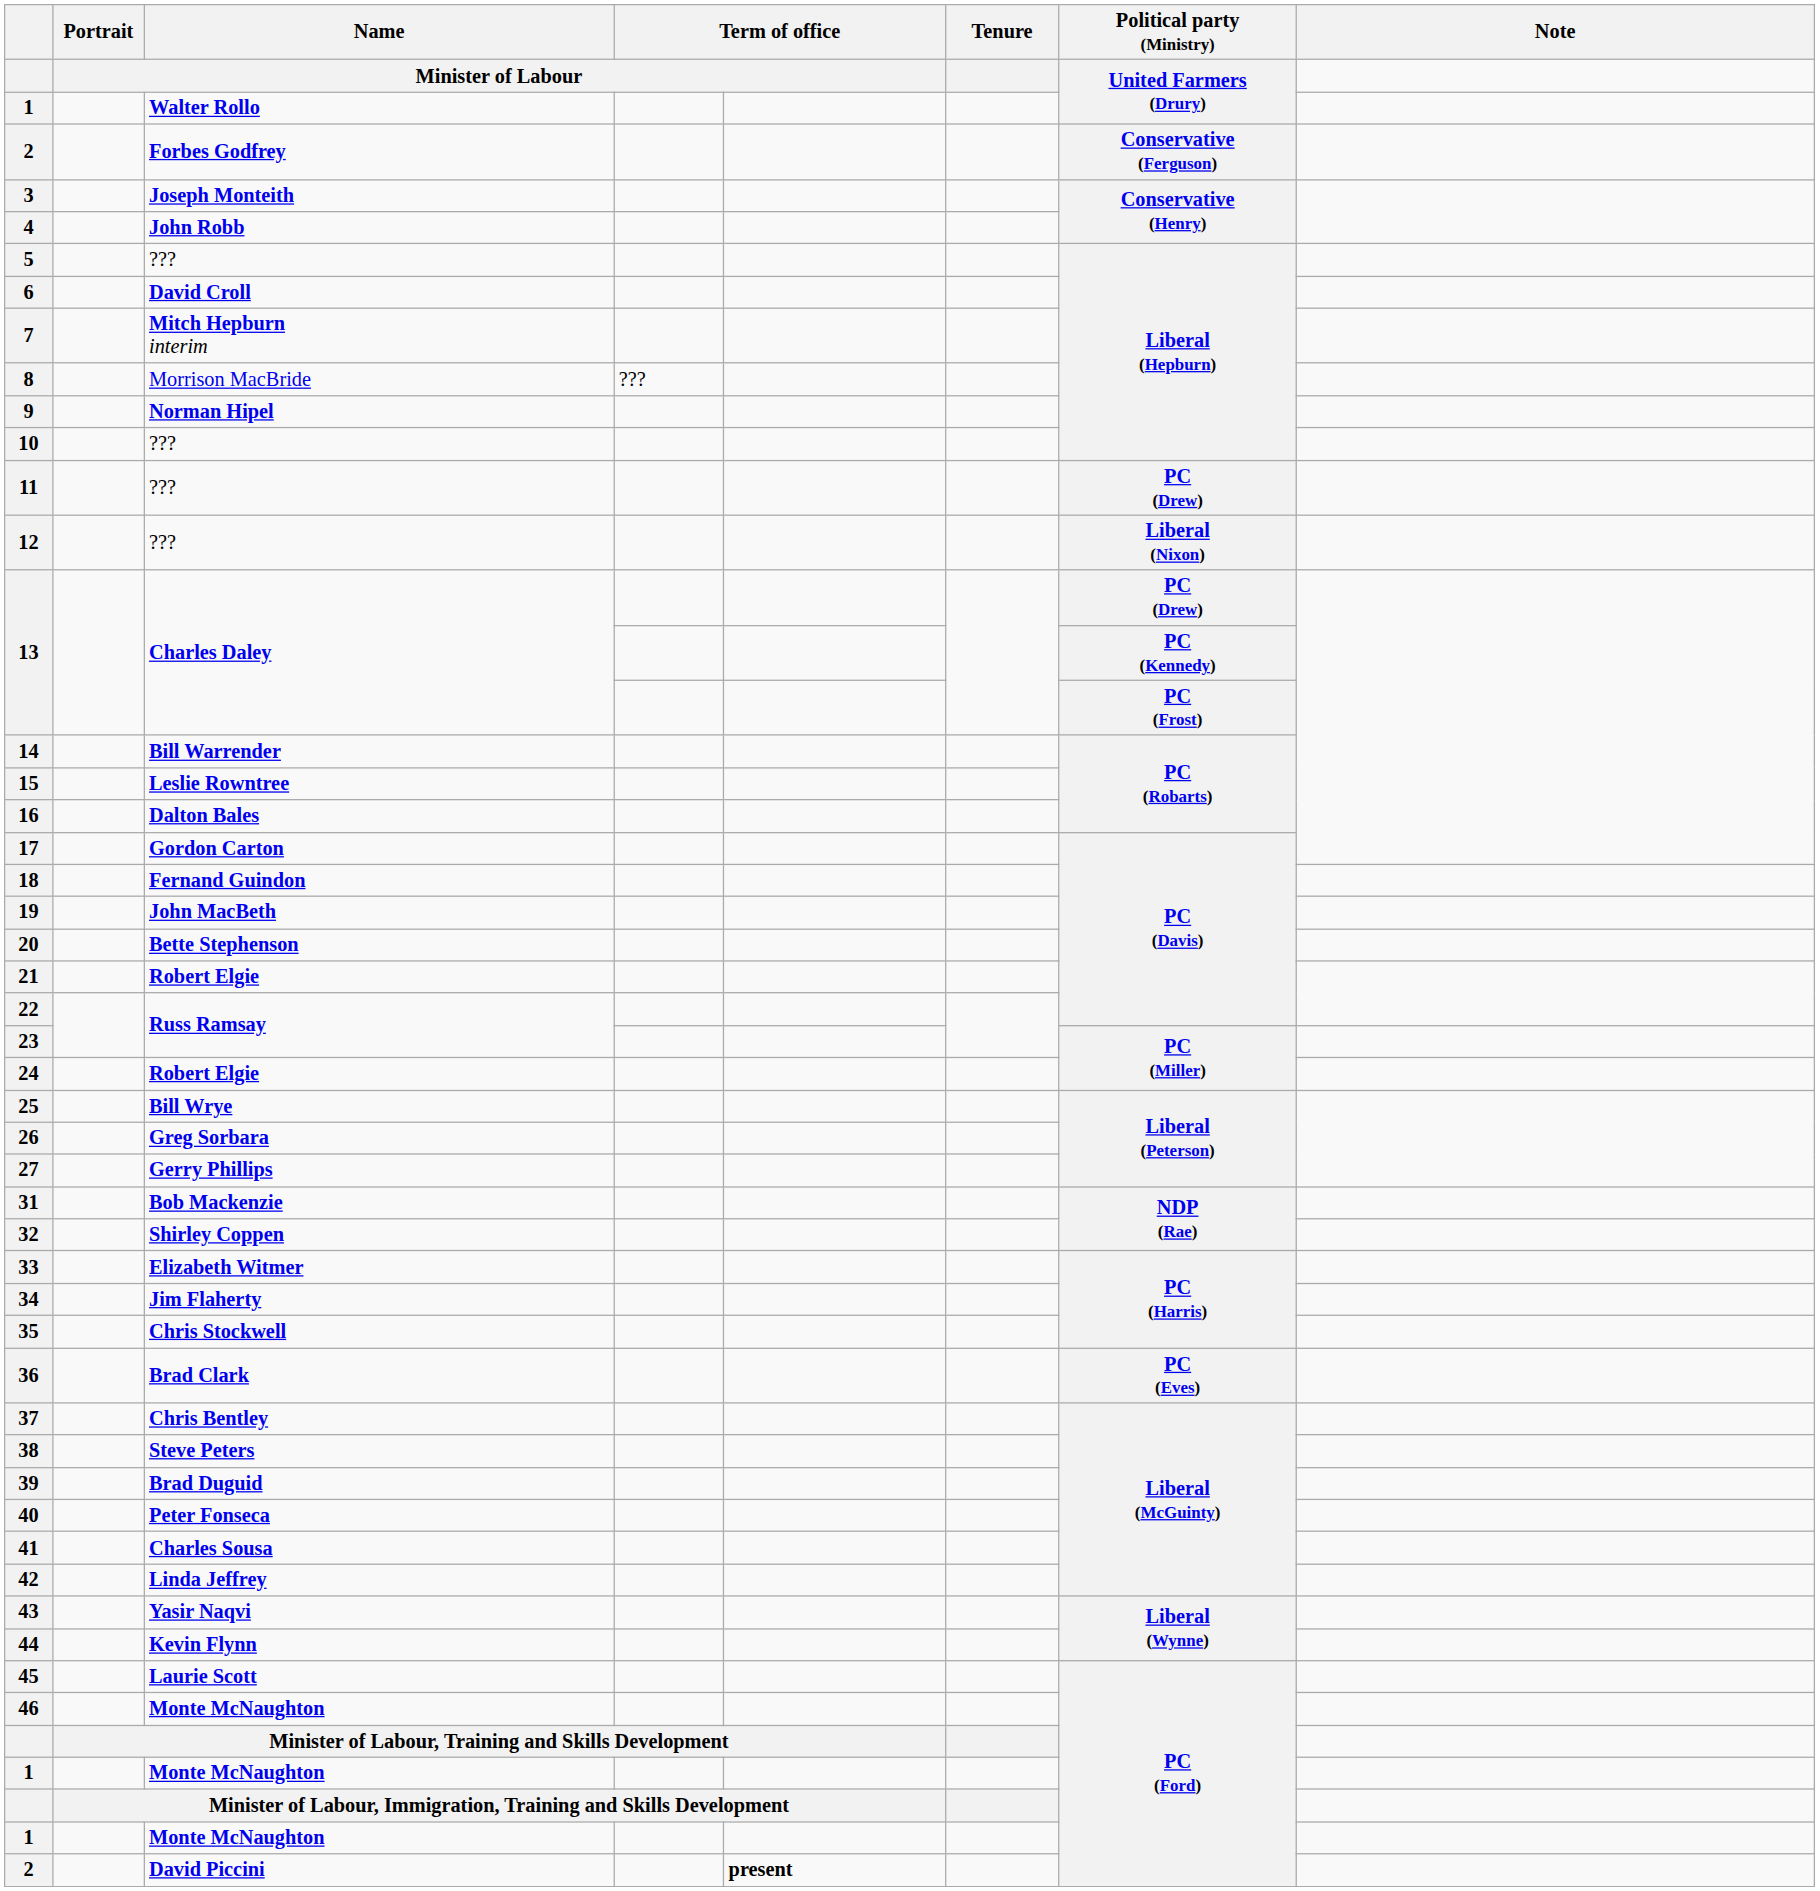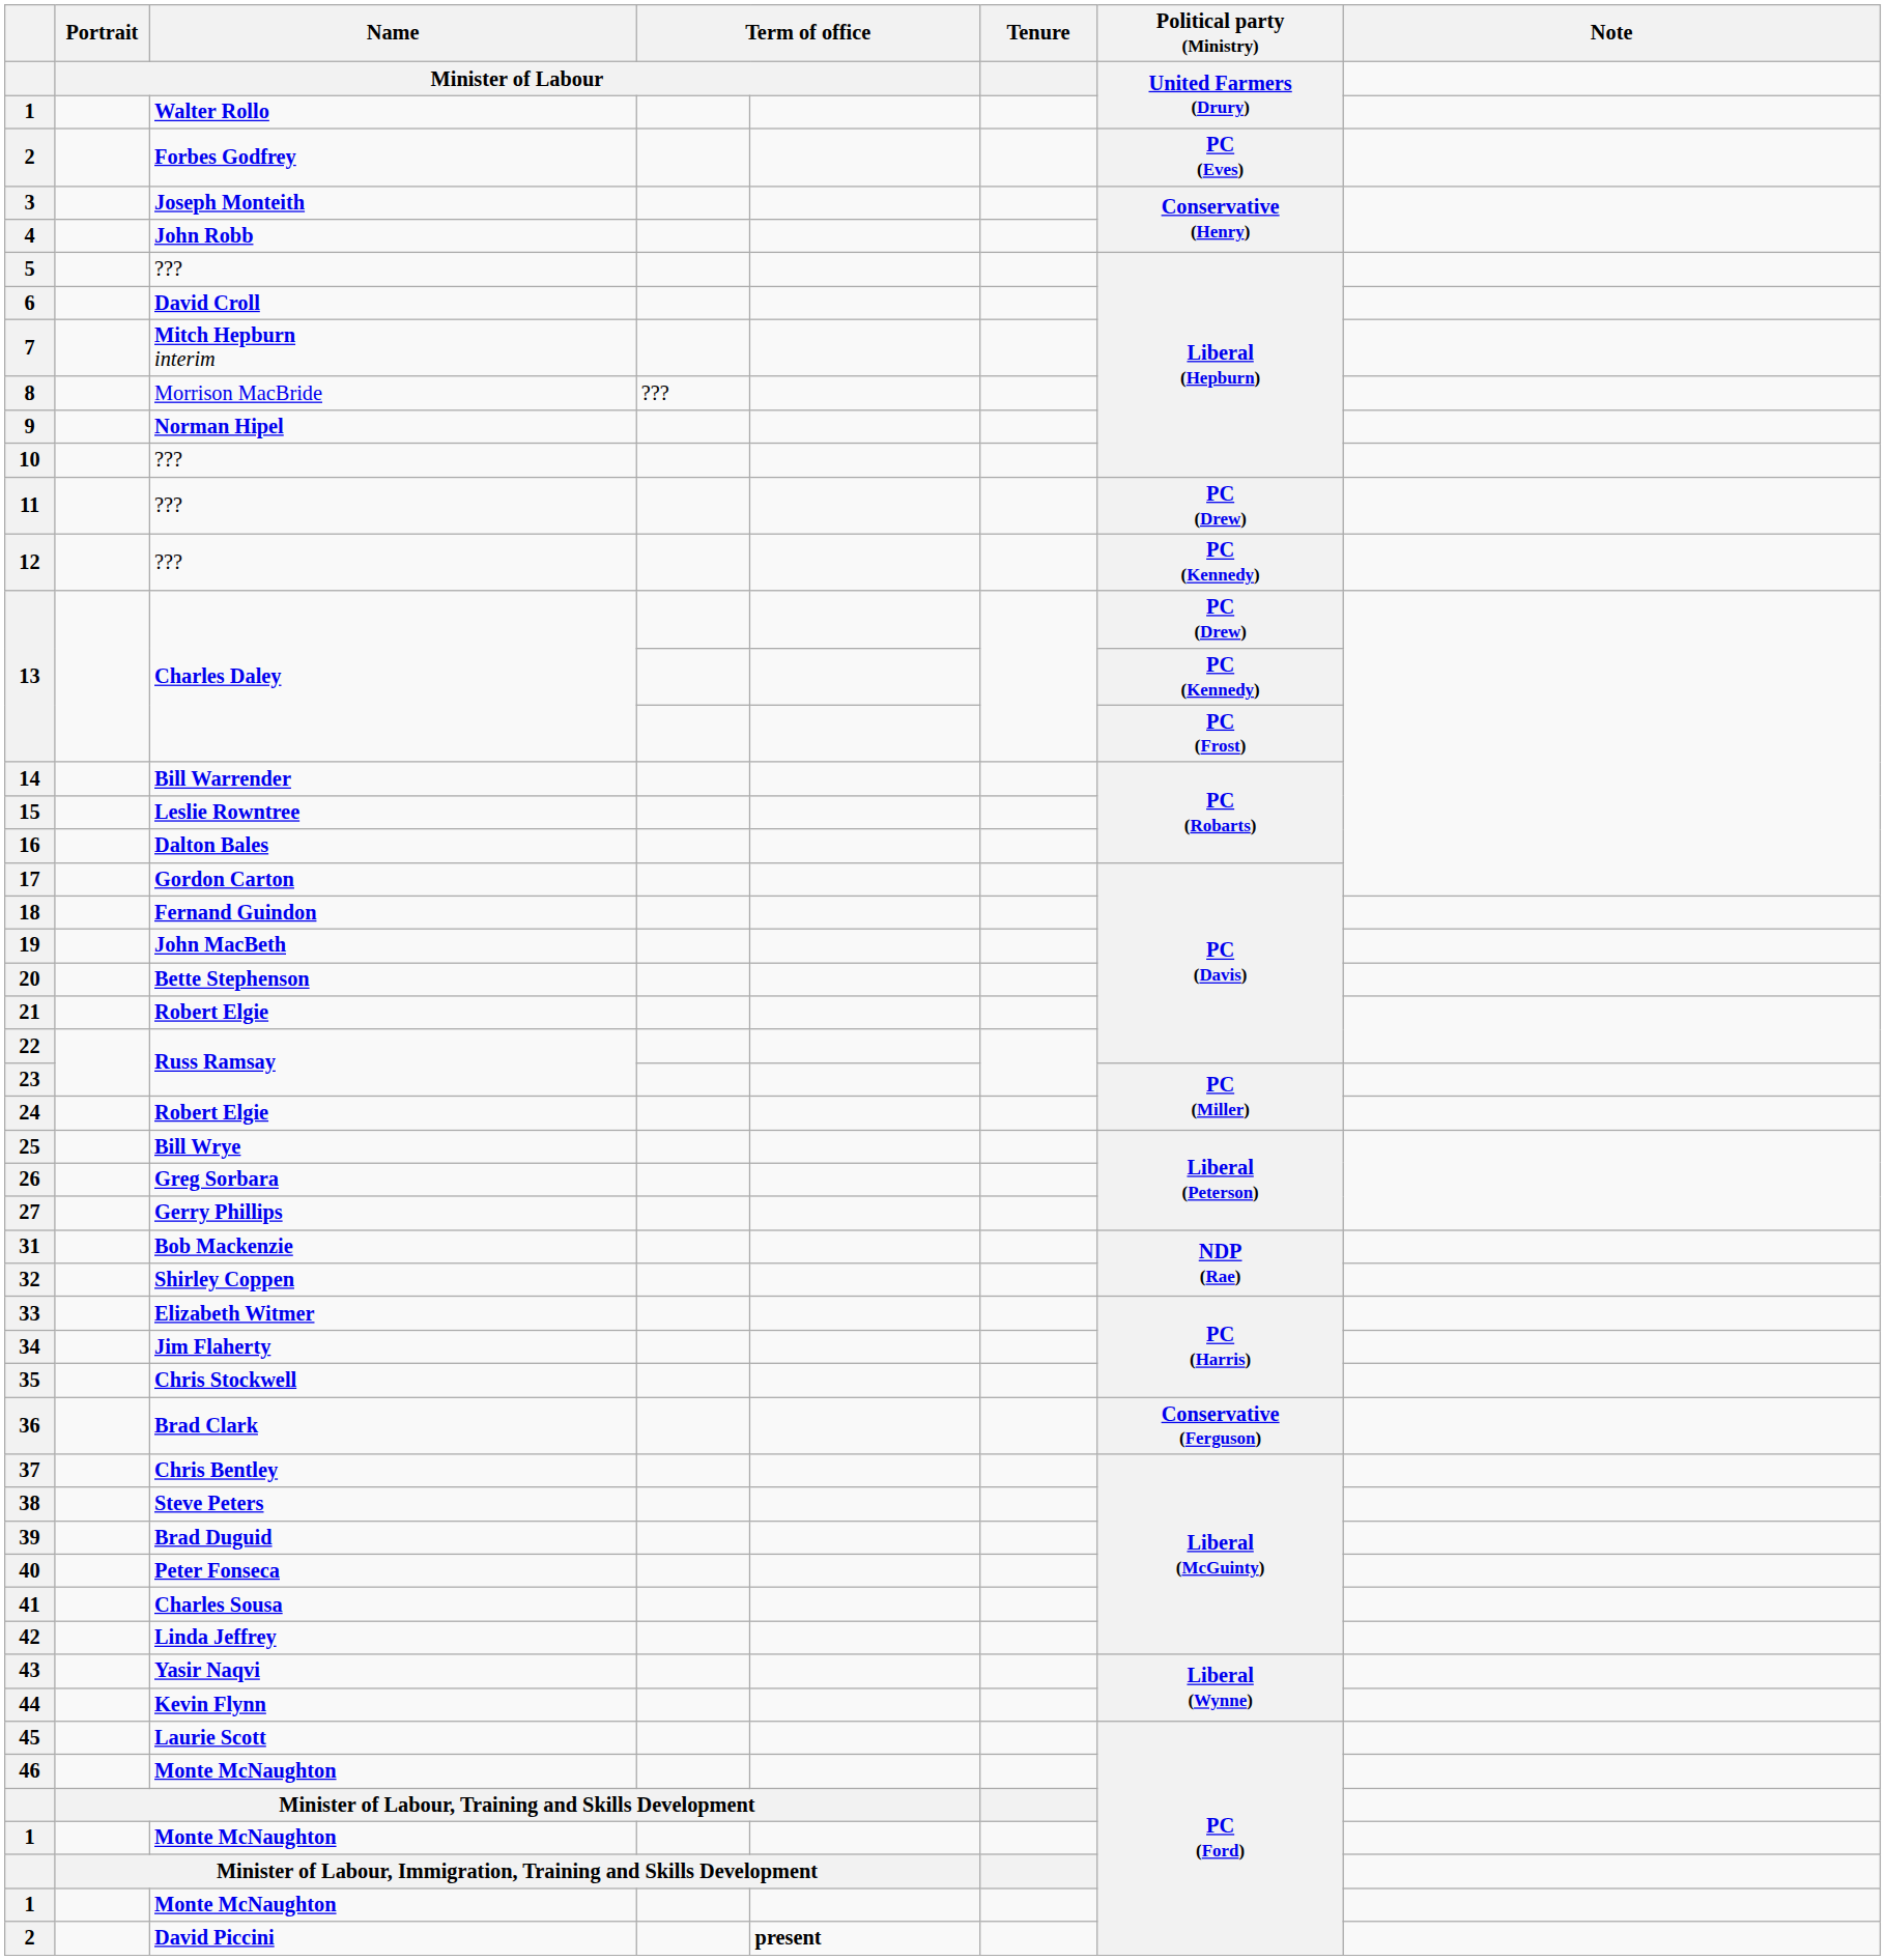 <table class="wikitable" style="width: 90%">
 <tr>
 <th></th>
 <th style="width: 65px;">Portrait</th>
 <th>Name</th>
 <th colspan=2>Term of office</th>
 <th>Tenure</th>
 <th>Political party<br><small>(Ministry)</small></th>
 <th style="width: 400px;">Note</th>
 </tr>
 <tr>
 <th></th>
 <th colspan=4>Minister of Labour</th>
 <th></th>
 <th rowspan=2; style="background:"><a href='#'>United Farmers</a><br><small>(<a href='#'>Drury</a>)</small></th>
 </tr>
 <tr>
 <th style="background:">1</th>
 <td></td>
 <td><strong><a href='#'>Walter Rollo</a></strong></td>
 <td></td>
 <td></td>
 <td></td>
 <td></td>
 </tr>
 <tr>
 <th style="background:">2</th>
 <td></td>
 <td><strong><a href='#'>Forbes Godfrey</a></strong></td>
 <td></td>
 <td></td>
 <td></td>
-<th rowspan=1; style="background:"><a href='#'>Conservative</a><br><small>(<a href='#'>Ferguson</a>)</small></th>
+<th style="background:"><a href='#'>PC</a><br><small>(<a href='#'>Eves</a>)</small></th>
 <td></td>
 </tr>
 <tr>
 <th style="background:">3</th>
 <td></td>
 <td><strong><a href='#'>Joseph Monteith</a></strong></td>
 <td></td>
 <td></td>
 <td></td>
 <th rowspan=2; style="background:"><a href='#'>Conservative</a><br><small>(<a href='#'>Henry</a>)</small></th>
 </tr>
 <tr>
 <th style="background:">4</th>
 <td></td>
 <td><strong><a href='#'>John Robb</a></strong></td>
 <td></td>
 <td></td>
 <td></td>
 </tr>
 <tr>
 <th style="background:">5</th>
 <td></td>
 <td>???</td>
 <td></td>
 <td></td>
 <td></td>
 <th rowspan=6; style="background:"><a href='#'>Liberal</a><br><small>(<a href='#'>Hepburn</a>)</small></th>
 <td></td>
 </tr>
 <tr>
 <th style="background:">6</th>
 <td></td>
 <td><strong><a href='#'>David Croll</a></strong></td>
 <td></td>
 <td></td>
 <td></td>
 <td></td>
 </tr>
 <tr>
 <th style="background:">7</th>
 <td></td>
 <td><strong><a href='#'>Mitch Hepburn</a></strong> <br> <em>interim</em></td>
 <td></td>
 <td></td>
 <td></td>
 <td></td>
 </tr>
 <tr>
 <th style="background:">8</th>
 <td></td>
 <td><a href='#'>Morrison MacBride</a></td>
 <td>???</td>
 <td></td>
 <td></td>
 <td></td>
 </tr>
 <tr>
 <th style="background:">9</th>
 <td></td>
 <td><strong><a href='#'>Norman Hipel</a></strong></td>
 <td></td>
 <td></td>
 <td></td>
 <td></td>
 </tr>
 <tr>
 <th style="background:">10</th>
 <td></td>
 <td>???</td>
 <td></td>
 <td></td>
 <td></td>
 <td></td>
 </tr>
 <tr>
 <th style="background:">11</th>
 <td></td>
 <td>???</td>
 <td></td>
 <td></td>
 <td></td>
 <th style="background:"><a href='#'>PC</a><br><small>(<a href='#'>Drew</a>)</small></th>
 </tr>
 <tr>
 <th style="background:">12</th>
 <td></td>
 <td>???</td>
 <td></td>
 <td></td>
 <td></td>
-<th style="background:"><a href='#'>Liberal</a><br><small>(<a href='#'>Nixon</a>)</small></th>
+<th style="background:"><a href='#'>PC</a><br><small>(<a href='#'>Kennedy</a>)</small></th>
 <td></td>
 </tr>
 <tr>
 <th rowspan=3; style="background:">13</th>
 <td rowspan=3></td>
 <td rowspan=3><strong><a href='#'>Charles Daley</a></strong></td>
 <td></td>
 <td></td>
 <td rowspan=3></td>
 <th style="background:"><a href='#'>PC</a><br><small>(<a href='#'>Drew</a>)</small></th>
 </tr>
 <tr>
 <td></td>
 <td></td>
 <th style="background:"><a href='#'>PC</a><br><small>(<a href='#'>Kennedy</a>)</small></th>
 </tr>
 <tr>
 <td></td>
 <td></td>
 <th style="background:"><a href='#'>PC</a><br><small>(<a href='#'>Frost</a>)</small></th>
 </tr>
 <tr>
 <th style="background:">14</th>
 <td></td>
 <td><strong><a href='#'>Bill Warrender</a></strong></td>
 <td></td>
 <td></td>
 <td></td>
 <th rowspan=3; style="background:"><a href='#'>PC</a><br><small>(<a href='#'>Robarts</a>)</small></th>
 </tr>
 <tr>
 <th style="background:">15</th>
 <td></td>
 <td><strong><a href='#'>Leslie Rowntree</a></strong></td>
 <td></td>
 <td></td>
 <td></td>
 </tr>
 <tr>
 <th style="background:">16</th>
 <td></td>
 <td><strong><a href='#'>Dalton Bales</a></strong></td>
 <td></td>
 <td></td>
 <td></td>
 </tr>
 <tr>
 <th style="background:">17</th>
 <td></td>
 <td><strong><a href='#'>Gordon Carton</a></strong></td>
 <td></td>
 <td></td>
 <td></td>
 <th rowspan=6; style="background:"><a href='#'>PC</a><br><small>(<a href='#'>Davis</a>)</small></th>
 </tr>
 <tr>
 <th style="background:">18</th>
 <td></td>
 <td><strong><a href='#'>Fernand Guindon</a></strong></td>
 <td></td>
 <td></td>
 <td></td>
 <td></td>
 </tr>
 <tr>
 <th style="background:">19</th>
 <td></td>
 <td><strong><a href='#'>John MacBeth</a></strong></td>
 <td></td>
 <td></td>
 <td></td>
 <td></td>
 </tr>
 <tr>
 <th style="background:">20</th>
 <td></td>
 <td><strong><a href='#'>Bette Stephenson</a></strong></td>
 <td></td>
 <td></td>
 <td></td>
 <td></td>
 </tr>
 <tr>
 <th style="background:">21</th>
 <td></td>
 <td><strong><a href='#'>Robert Elgie</a></strong></td>
 <td></td>
 <td></td>
 <td></td>
 </tr>
 <tr>
 <th style="background:">22</th>
 <td rowspan=2></td>
 <td rowspan=2><strong><a href='#'>Russ Ramsay</a></strong></td>
 <td></td>
 <td></td>
 <td rowspan=2></td>
 </tr>
 <tr>
 <th style="background:">23</th>
 <td></td>
 <td></td>
 <th rowspan=2; style="background:"><a href='#'>PC</a><br><small>(<a href='#'>Miller</a>)</small></th>
 <td></td>
 </tr>
 <tr>
 <th style="background:">24</th>
 <td></td>
 <td><strong><a href='#'>Robert Elgie</a></strong></td>
 <td></td>
 <td></td>
 <td></td>
 <td></td>
 </tr>
 <tr>
 <th style="background:">25</th>
 <td></td>
 <td><strong><a href='#'>Bill Wrye</a></strong></td>
 <td></td>
 <td></td>
 <td></td>
 <th rowspan=3; style="background:"><a href='#'>Liberal</a><br><small>(<a href='#'>Peterson</a>)</small></th>
 </tr>
 <tr>
 <th style="background:">26</th>
 <td></td>
 <td><strong><a href='#'>Greg Sorbara</a></strong></td>
 <td></td>
 <td></td>
 <td></td>
 </tr>
 <tr>
 <th style="background:">27</th>
 <td></td>
 <td><strong><a href='#'>Gerry Phillips</a></strong></td>
 <td></td>
 <td></td>
 <td></td>
 </tr>
 <tr>
 <th style="background:">31</th>
 <td></td>
 <td><strong><a href='#'>Bob Mackenzie</a></strong></td>
 <td></td>
 <td></td>
 <td></td>
 <th rowspan=2; style="background:"><a href='#'>NDP</a><br><small>(<a href='#'>Rae</a>)</small></th>
 <td></td>
 </tr>
 <tr>
 <th style="background:">32</th>
 <td></td>
 <td><strong><a href='#'>Shirley Coppen</a></strong></td>
 <td></td>
 <td></td>
 <td></td>
 <td></td>
 </tr>
 <tr>
 <th style="background:">33</th>
 <td></td>
 <td><strong><a href='#'>Elizabeth Witmer</a></strong></td>
 <td></td>
 <td></td>
 <td></td>
 <th rowspan=3; style="background:"><a href='#'>PC</a><br><small>(<a href='#'>Harris</a>)</small></th>
 <td></td>
 </tr>
 <tr>
 <th style="background:">34</th>
 <td></td>
 <td><strong><a href='#'>Jim Flaherty</a></strong></td>
 <td></td>
 <td></td>
 <td></td>
 <td></td>
 </tr>
 <tr>
 <th style="background:">35</th>
 <td></td>
 <td><strong><a href='#'>Chris Stockwell</a></strong></td>
 <td></td>
 <td></td>
 <td></td>
 <td></td>
 </tr>
 <tr>
 <th style="background:">36</th>
 <td></td>
 <td><strong><a href='#'>Brad Clark</a></strong></td>
 <td></td>
 <td></td>
 <td></td>
-<th style="background:"><a href='#'>PC</a><br><small>(<a href='#'>Eves</a>)</small></th>
+<th rowspan=1; style="background:"><a href='#'>Conservative</a><br><small>(<a href='#'>Ferguson</a>)</small></th>
 </tr>
 <tr>
 <th style="background:">37</th>
 <td></td>
 <td><strong><a href='#'>Chris Bentley</a></strong></td>
 <td></td>
 <td></td>
 <td></td>
 <th rowspan=6; style="background:"><a href='#'>Liberal</a><br><small>(<a href='#'>McGuinty</a>)</small></th>
 <td></td>
 </tr>
 <tr>
 <th style="background:">38</th>
 <td></td>
 <td><strong><a href='#'>Steve Peters</a></strong></td>
 <td></td>
 <td></td>
 <td></td>
 <td></td>
 </tr>
 <tr>
 <th style="background:">39</th>
 <td></td>
 <td><strong><a href='#'>Brad Duguid</a></strong></td>
 <td></td>
 <td></td>
 <td></td>
 <td></td>
 </tr>
 <tr>
 <th style="background:">40</th>
 <td></td>
 <td><strong><a href='#'>Peter Fonseca</a></strong></td>
 <td></td>
 <td></td>
 <td></td>
 <td></td>
 </tr>
 <tr>
 <th style="background:">41</th>
 <td></td>
 <td><strong><a href='#'>Charles Sousa</a></strong></td>
 <td></td>
 <td></td>
 <td></td>
 <td></td>
 </tr>
 <tr>
 <th style="background:">42</th>
 <td></td>
 <td><strong><a href='#'>Linda Jeffrey</a></strong></td>
 <td></td>
 <td></td>
 <td></td>
 <td></td>
 </tr>
 <tr>
 <th style="background:">43</th>
 <td></td>
 <td><strong><a href='#'>Yasir Naqvi</a></strong></td>
 <td></td>
 <td></td>
 <td></td>
 <th rowspan=2; style="background:"><a href='#'>Liberal</a><br><small>(<a href='#'>Wynne</a>)</small></th>
 </tr>
 <tr>
 <th style="background:">44</th>
 <td></td>
 <td><strong><a href='#'>Kevin Flynn</a></strong></td>
 <td></td>
 <td></td>
 <td></td>
 <td></td>
 </tr>
 <tr>
 <th style="background:">45</th>
 <td></td>
 <td><strong><a href='#'>Laurie Scott</a></strong></td>
 <td></td>
 <td></td>
 <td></td>
 <th rowspan=7; style="background:"><a href='#'>PC</a><br><small>(<a href='#'>Ford</a>)</small></th>
 <td></td>
 </tr>
 <tr>
 <th style="background:">46</th>
 <td></td>
 <td><strong><a href='#'>Monte McNaughton</a></strong></td>
 <td></td>
 <td></td>
 <td></td>
 <td></td>
 </tr>
 <tr>
 <th></th>
 <th colspan=4>Minister of Labour, Training and Skills Development</th>
 <th></th>
 </tr>
 <tr>
 <th style="background:">1</th>
 <td></td>
 <td><strong><a href='#'>Monte McNaughton</a></strong></td>
 <td></td>
 <td></td>
 <td></td>
 <td></td>
 </tr>
 <tr>
 <th></th>
 <th colspan=4>Minister of Labour, Immigration, Training and Skills Development</th>
 <th></th>
 </tr>
 <tr>
 <th style="background:">1</th>
 <td></td>
 <td><strong><a href='#'>Monte McNaughton</a></strong></td>
 <td></td>
 <td></td>
 <td></td>
 <td></td>
 </tr>
 <tr>
 <th style="background:">2</th>
 <td></td>
 <td><strong><a href='#'>David Piccini</a></strong></td>
 <td></td>
 <td><strong>present</strong></td>
 <td></td>
 <td></td>
 </tr>
 <tr>
 </tr>
 </table>
